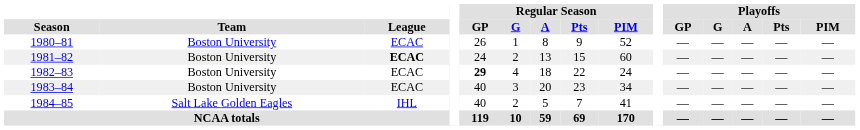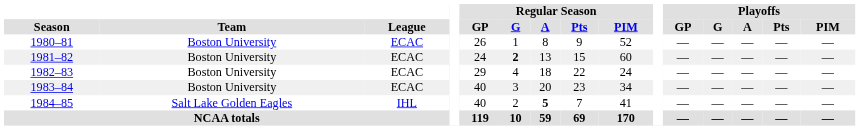 <table border="0" cellpadding="1" cellspacing="0" style="text-align:center; width:70em">
 <tr bgcolor="#e0e0e0">
 <th colspan="3"  bgcolor="#ffffff"> </th>
 <th rowspan="99" bgcolor="#ffffff"> </th>
 <th colspan="5">Regular Season</th>
 <th rowspan="99" bgcolor="#ffffff"> </th>
 <th colspan="5">Playoffs</th>
 </tr>
 <tr bgcolor="#e0e0e0">
 <th>Season</th>
 <th>Team</th>
 <th>League</th>
 <th>GP</th>
 <th><a href='#'>G</a></th>
 <th><a href='#'>A</a></th>
 <th><a href='#'>Pts</a></th>
 <th><a href='#'>PIM</a></th>
 <th>GP</th>
 <th>G</th>
 <th>A</th>
 <th>Pts</th>
 <th>PIM</th>
 </tr>
 <tr>
 <td><a href='#'>1980–81</a></td>
 <td><a href='#'>Boston University</a></td>
 <td><a href='#'>ECAC</a></td>
 <td>26</td>
 <td>1</td>
 <td>8</td>
 <td>9</td>
 <td>52</td>
 <td>—</td>
 <td>—</td>
 <td>—</td>
 <td>—</td>
 <td>—</td>
 </tr>
 <tr bgcolor="f0f0f0">
 <td><a href='#'>1981–82</a></td>
 <td>Boston University</td>
-<td><strong>ECAC</strong></td>
+<td>ECAC</td>
 <td>24</td>
-<td>2</td>
+<td><strong>2</strong></td>
 <td>13</td>
 <td>15</td>
 <td>60</td>
 <td>—</td>
 <td>—</td>
 <td>—</td>
 <td>—</td>
 <td>—</td>
 </tr>
 <tr>
 <td><a href='#'>1982–83</a></td>
 <td>Boston University</td>
 <td>ECAC</td>
-<td><strong>29</strong></td>
+<td>29</td>
 <td>4</td>
 <td>18</td>
 <td>22</td>
 <td>24</td>
 <td>—</td>
 <td>—</td>
 <td>—</td>
 <td>—</td>
 <td>—</td>
 </tr>
 <tr bgcolor="f0f0f0">
 <td><a href='#'>1983–84</a></td>
 <td>Boston University</td>
 <td>ECAC</td>
 <td>40</td>
 <td>3</td>
 <td>20</td>
 <td>23</td>
 <td>34</td>
 <td>—</td>
 <td>—</td>
 <td>—</td>
 <td>—</td>
 <td>—</td>
 </tr>
 <tr>
 <td><a href='#'>1984–85</a></td>
 <td><a href='#'>Salt Lake Golden Eagles</a></td>
 <td><a href='#'>IHL</a></td>
 <td>40</td>
 <td>2</td>
-<td>5</td>
+<td><strong>5</strong></td>
 <td>7</td>
 <td>41</td>
 <td>—</td>
 <td>—</td>
 <td>—</td>
 <td>—</td>
 <td>—</td>
 </tr>
 <tr bgcolor="#e0e0e0">
 <th colspan="3">NCAA totals</th>
 <th>119</th>
 <th>10</th>
 <th>59</th>
 <th>69</th>
 <th>170</th>
 <th>—</th>
 <th>—</th>
 <th>—</th>
 <th>—</th>
 <th>—</th>
 </tr>
 </table>
